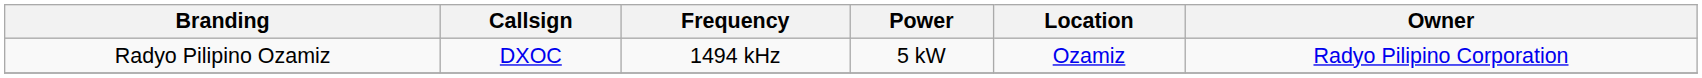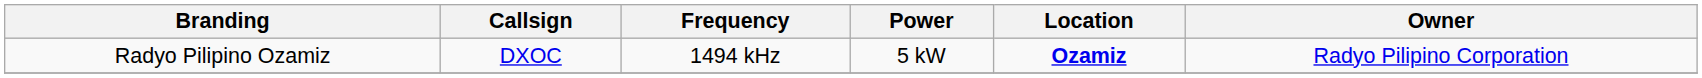 <table class="wikitable sortable" style="width:100%; text-align:center;">
 <tr>
 <th>Branding</th>
 <th>Callsign</th>
 <th>Frequency</th>
 <th>Power</th>
 <th>Location</th>
 <th>Owner</th>
 </tr>
 <tr>
 <td>Radyo Pilipino Ozamiz</td>
 <td><a href='#'>DXOC</a></td>
 <td>1494 kHz</td>
 <td>5 kW</td>
-<td><a href='#'>Ozamiz</a></td>
+<td><strong><a href='#'>Ozamiz</a></strong></td>
 <td><a href='#'>Radyo Pilipino Corporation</a></td>
 </tr>
 <tr>
 </tr>
 </table>
